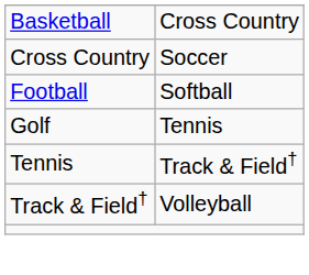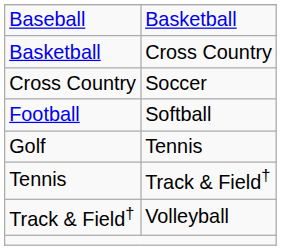 <table class="wikitable">
 <tr>
+</tr>
+<tr>
+<td><a href='#'>Baseball</a></td>
+<td><a href='#'>Basketball</a></td>
 </tr>
 <tr>
 <td><a href='#'>Basketball</a></td>
 <td>Cross Country</td>
 </tr>
 <tr>
 <td>Cross Country</td>
 <td>Soccer</td>
 </tr>
 <tr>
 <td><a href='#'>Football</a></td>
 <td>Softball</td>
 </tr>
 <tr>
 <td>Golf</td>
 <td>Tennis</td>
 </tr>
 <tr>
 <td>Tennis</td>
 <td>Track & Field<sup>†</sup></td>
 </tr>
 <tr>
 <td>Track & Field<sup>†</sup></td>
 <td>Volleyball</td>
 </tr>
 <tr>
 <td colspan="2"></td>
 </tr>
 </table>
